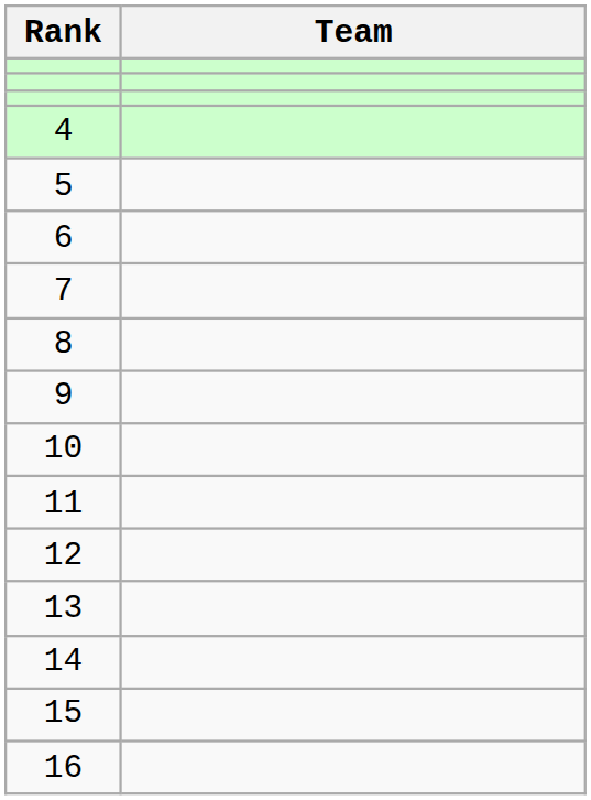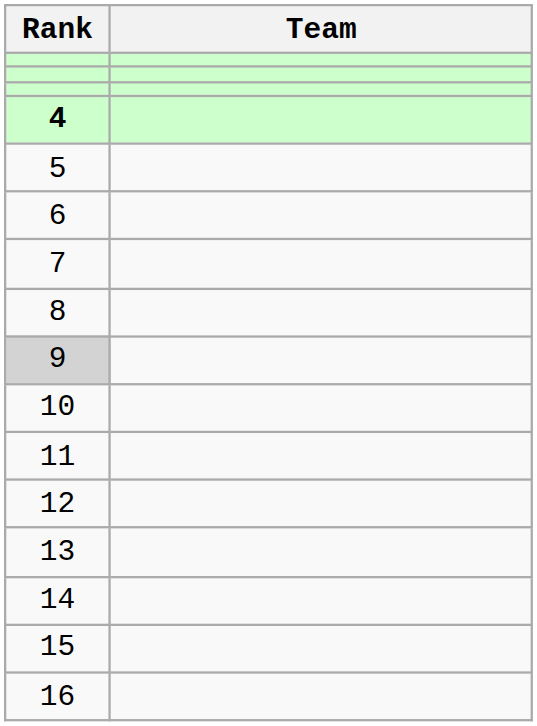 <table class="wikitable" style="text-align:center">
 <tr>
 <th width=40>Rank</th>
 <th width=180>Team</th>
 </tr>
 <tr bgcolor=#ccffcc>
 <td></td>
 <td style="text-align:left"></td>
 </tr>
 <tr bgcolor=#ccffcc>
 <td></td>
 <td style="text-align:left"></td>
 </tr>
 <tr bgcolor=#ccffcc>
 <td></td>
 <td style="text-align:left"></td>
 </tr>
 <tr bgcolor=#ccffcc>
-<td>4</td>
+<td><strong>4</strong></td>
 <td style="text-align:left"></td>
 </tr>
 <tr>
 <td>5</td>
 <td style="text-align:left"></td>
 </tr>
 <tr>
 <td>6</td>
 <td style="text-align:left"></td>
 </tr>
 <tr>
 <td>7</td>
 <td style="text-align:left"></td>
 </tr>
 <tr>
 <td>8</td>
 <td style="text-align:left"></td>
 </tr>
 <tr>
-<td>9</td>
+<td style="background: lightgrey;">9</td>
 <td style="text-align:left"></td>
 </tr>
 <tr>
 <td>10</td>
 <td style="text-align:left"></td>
 </tr>
 <tr>
 <td>11</td>
 <td style="text-align:left"></td>
 </tr>
 <tr>
 <td>12</td>
 <td style="text-align:left"></td>
 </tr>
 <tr>
 <td>13</td>
 <td style="text-align:left"></td>
 </tr>
 <tr>
 <td>14</td>
 <td style="text-align:left"></td>
 </tr>
 <tr>
 <td>15</td>
 <td style="text-align:left"></td>
 </tr>
 <tr>
 <td>16</td>
 <td style="text-align:left"></td>
 </tr>
 </table>
